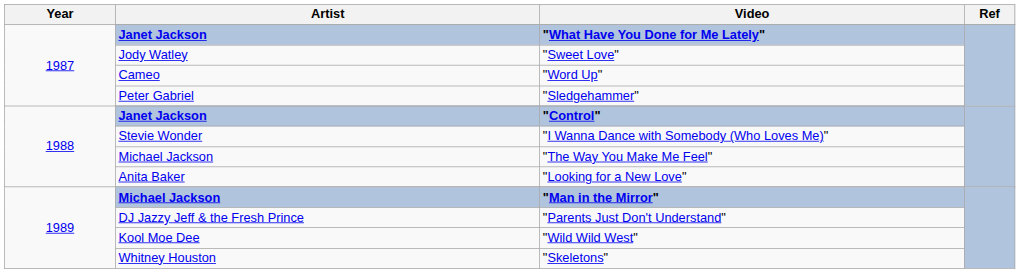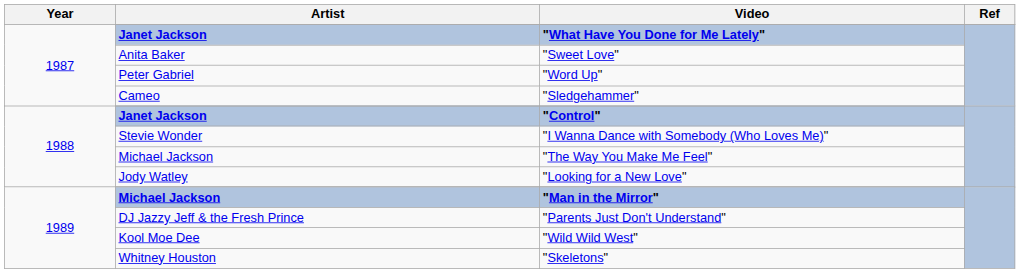 <table class="wikitable" style="width:100%;">
 <tr style="background:#bebebe;">
 <th style="width:11%;">Year</th>
 <th style="width:42%;">Artist</th>
 <th style="width:42%;">Video</th>
 <th style="width:5%;">Ref</th>
 </tr>
 <tr>
 <td rowspan="5" align="center"><a href='#'>1987</a></td>
 </tr>
 <tr style="background:#B0C4DE">
 <td><strong><a href='#'>Janet Jackson</a></strong></td>
 <td><strong>"<a href='#'>What Have You Done for Me Lately</a>"</strong></td>
 <td rowspan="5" align="center"></td>
 </tr>
 <tr>
-<td><a href='#'>Jody Watley</a></td>
+<td><a href='#'>Anita Baker</a></td>
 <td>"<a href='#'>Sweet Love</a>"</td>
 </tr>
 <tr>
-<td><a href='#'>Cameo</a></td>
+<td><a href='#'>Peter Gabriel</a></td>
 <td>"<a href='#'>Word Up</a>"</td>
 </tr>
 <tr>
-<td><a href='#'>Peter Gabriel</a></td>
+<td><a href='#'>Cameo</a></td>
 <td>"<a href='#'>Sledgehammer</a>"</td>
 </tr>
 <tr>
 <td rowspan="5" align="center"><a href='#'>1988</a></td>
 </tr>
 <tr style="background:#B0C4DE">
 <td><strong><a href='#'>Janet Jackson</a></strong></td>
 <td><strong>"<a href='#'>Control</a>"</strong></td>
 <td rowspan="5" align="center"></td>
 </tr>
 <tr>
 <td><a href='#'>Stevie Wonder</a></td>
 <td>"<a href='#'>I Wanna Dance with Somebody (Who Loves Me)</a>"</td>
 </tr>
 <tr>
 <td><a href='#'>Michael Jackson</a></td>
 <td>"<a href='#'>The Way You Make Me Feel</a>"</td>
 </tr>
 <tr>
-<td><a href='#'>Anita Baker</a></td>
+<td><a href='#'>Jody Watley</a></td>
 <td>"<a href='#'>Looking for a New Love</a>"</td>
 </tr>
 <tr>
 <td rowspan="5" align="center"><a href='#'>1989</a></td>
 </tr>
 <tr style="background:#B0C4DE">
 <td><strong><a href='#'>Michael Jackson</a></strong></td>
 <td><strong>"<a href='#'>Man in the Mirror</a>"</strong></td>
 <td rowspan="5" align="center"></td>
 </tr>
 <tr>
 <td><a href='#'>DJ Jazzy Jeff & the Fresh Prince</a></td>
 <td>"<a href='#'>Parents Just Don't Understand</a>"</td>
 </tr>
 <tr>
 <td><a href='#'>Kool Moe Dee</a></td>
 <td>"<a href='#'>Wild Wild West</a>"</td>
 </tr>
 <tr>
 <td><a href='#'>Whitney Houston</a></td>
 <td>"<a href='#'>Skeletons</a>"</td>
 </tr>
 </table>
